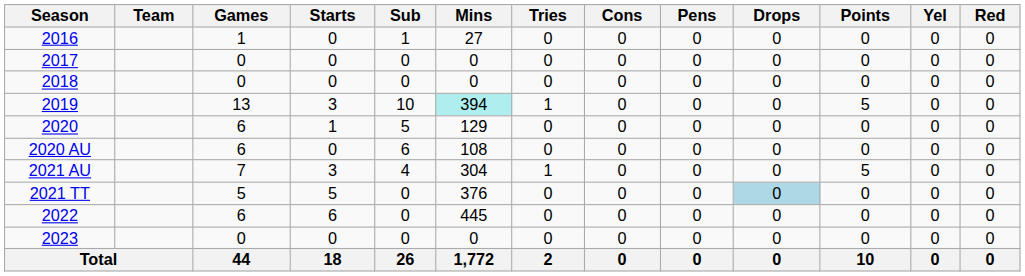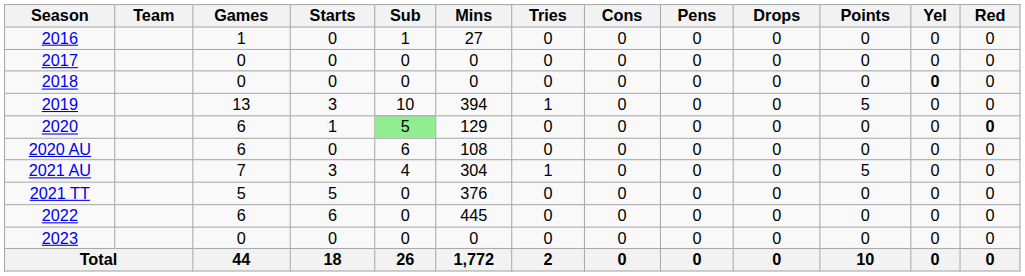 <table class="wikitable" style="text-align:center; line-height:90%; font-size:95%; width:60%;">
 <tr>
 <th>Season</th>
 <th>Team</th>
 <th>Games</th>
 <th>Starts</th>
 <th>Sub</th>
 <th>Mins</th>
 <th>Tries</th>
 <th>Cons</th>
 <th>Pens</th>
 <th>Drops</th>
 <th>Points</th>
 <th>Yel</th>
 <th>Red</th>
 </tr>
 <tr>
 <td><a href='#'>2016</a></td>
 <td></td>
 <td>1</td>
 <td>0</td>
 <td>1</td>
 <td>27</td>
 <td>0</td>
 <td>0</td>
 <td>0</td>
 <td>0</td>
 <td>0</td>
 <td>0</td>
 <td>0</td>
 </tr>
 <tr>
 <td><a href='#'>2017</a></td>
 <td></td>
 <td>0</td>
 <td>0</td>
 <td>0</td>
 <td>0</td>
 <td>0</td>
 <td>0</td>
 <td>0</td>
 <td>0</td>
 <td>0</td>
 <td>0</td>
 <td>0</td>
 </tr>
 <tr>
 <td><a href='#'>2018</a></td>
 <td></td>
 <td>0</td>
 <td>0</td>
 <td>0</td>
 <td>0</td>
 <td>0</td>
 <td>0</td>
 <td>0</td>
 <td>0</td>
 <td>0</td>
-<td>0</td>
+<td><strong>0</strong></td>
 <td>0</td>
 </tr>
 <tr>
 <td><a href='#'>2019</a></td>
 <td></td>
 <td>13</td>
 <td>3</td>
 <td>10</td>
-<td style="background: paleturquoise;">394</td>
+<td>394</td>
 <td>1</td>
 <td>0</td>
 <td>0</td>
 <td>0</td>
 <td>5</td>
 <td>0</td>
 <td>0</td>
 </tr>
 <tr>
 <td><a href='#'>2020</a></td>
 <td></td>
 <td>6</td>
 <td>1</td>
-<td>5</td>
+<td style="background: lightgreen;">5</td>
 <td>129</td>
 <td>0</td>
 <td>0</td>
 <td>0</td>
 <td>0</td>
 <td>0</td>
 <td>0</td>
-<td>0</td>
+<td><strong>0</strong></td>
 </tr>
 <tr>
 <td><a href='#'>2020 AU</a></td>
 <td></td>
 <td>6</td>
 <td>0</td>
 <td>6</td>
 <td>108</td>
 <td>0</td>
 <td>0</td>
 <td>0</td>
 <td>0</td>
 <td>0</td>
 <td>0</td>
 <td>0</td>
 </tr>
 <tr>
 <td><a href='#'>2021 AU</a></td>
 <td></td>
 <td>7</td>
 <td>3</td>
 <td>4</td>
 <td>304</td>
 <td>1</td>
 <td>0</td>
 <td>0</td>
 <td>0</td>
 <td>5</td>
 <td>0</td>
 <td>0</td>
 </tr>
 <tr>
 <td><a href='#'>2021 TT</a></td>
 <td></td>
 <td>5</td>
 <td>5</td>
 <td>0</td>
 <td>376</td>
 <td>0</td>
 <td>0</td>
 <td>0</td>
-<td style="background: lightblue;">0</td>
+<td>0</td>
 <td>0</td>
 <td>0</td>
 <td>0</td>
 </tr>
 <tr>
 <td><a href='#'>2022</a></td>
 <td></td>
 <td>6</td>
 <td>6</td>
 <td>0</td>
 <td>445</td>
 <td>0</td>
 <td>0</td>
 <td>0</td>
 <td>0</td>
 <td>0</td>
 <td>0</td>
 <td>0</td>
 </tr>
 <tr>
 <td><a href='#'>2023</a></td>
 <td></td>
 <td>0</td>
 <td>0</td>
 <td>0</td>
 <td>0</td>
 <td>0</td>
 <td>0</td>
 <td>0</td>
 <td>0</td>
 <td>0</td>
 <td>0</td>
 <td>0</td>
 </tr>
 <tr>
 <th colspan="2">Total</th>
 <th>44</th>
 <th>18</th>
 <th>26</th>
 <th>1,772</th>
 <th>2</th>
 <th>0</th>
 <th>0</th>
 <th>0</th>
 <th>10</th>
 <th>0</th>
 <th>0</th>
 </tr>
 </table>
